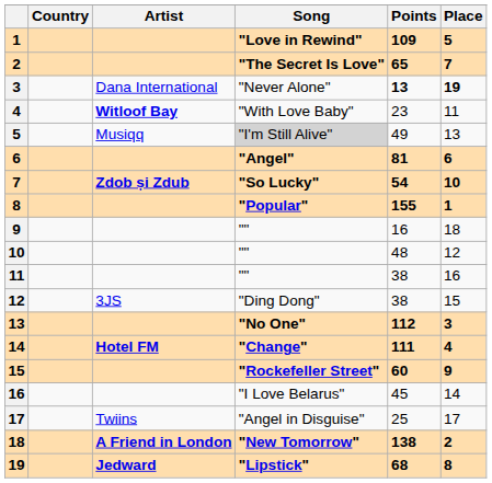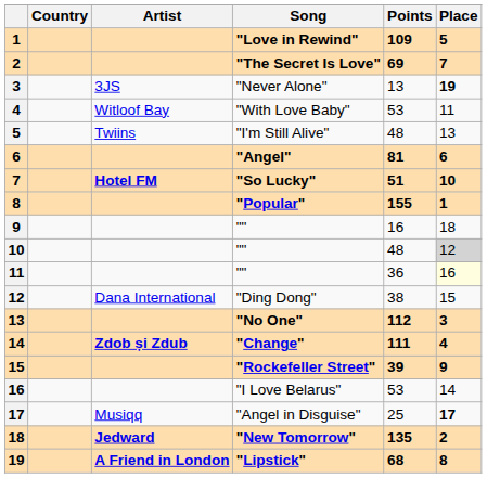 <table class="sortable wikitable plainrowheaders">
 <tr>
 </tr>
 <tr>
 <th scope="col"></th>
 <th scope="col">Country</th>
 <th scope="col">Artist</th>
 <th scope="col">Song</th>
 <th scope="col">Points</th>
 <th scope="col">Place</th>
 </tr>
 <tr style="font-weight:bold; background:navajowhite;">
 <th scope="row" style="text-align:center; font-weight:bold; background:navajowhite;">1</th>
 <td></td>
 <td></td>
 <td>"Love in Rewind"</td>
 <td>109</td>
 <td>5</td>
 </tr>
 <tr style="font-weight:bold; background:navajowhite;">
 <th scope="row" style="text-align:center; font-weight:bold; background:navajowhite;">2</th>
 <td></td>
 <td></td>
 <td>"The Secret Is Love"</td>
-<td>65</td>
+<td>69</td>
 <td>7</td>
 </tr>
 <tr>
 <th scope="row" style="text-align:center;">3</th>
 <td></td>
-<td><a href='#'>Dana International</a></td>
+<td><a href='#'>3JS</a></td>
 <td>"Never Alone"</td>
-<td><strong>13</strong></td>
+<td>13</td>
 <td><strong>19</strong></td>
 </tr>
 <tr>
 <th scope="row" style="text-align:center;">4</th>
 <td></td>
-<td><strong><a href='#'>Witloof Bay</a></strong></td>
+<td><a href='#'>Witloof Bay</a></td>
 <td>"With Love Baby"</td>
-<td>23</td>
+<td>53</td>
 <td>11</td>
 </tr>
 <tr>
 <th scope="row" style="text-align:center;">5</th>
 <td></td>
-<td><a href='#'>Musiqq</a></td>
-<td style="background: lightgrey;">"I'm Still Alive"</td>
-<td>49</td>
+<td><a href='#'>Twiins</a></td>
+<td>"I'm Still Alive"</td>
+<td>48</td>
 <td>13</td>
 </tr>
 <tr style="font-weight:bold; background:navajowhite;">
 <th scope="row" style="text-align:center; font-weight:bold; background:navajowhite;">6</th>
 <td></td>
 <td></td>
 <td>"Angel"</td>
 <td>81</td>
 <td>6</td>
 </tr>
 <tr style="font-weight:bold; background:navajowhite;">
 <th scope="row" style="text-align:center; font-weight:bold; background:navajowhite;">7</th>
 <td></td>
-<td><a href='#'>Zdob și Zdub</a></td>
+<td><a href='#'>Hotel FM</a></td>
 <td>"So Lucky"</td>
-<td>54</td>
+<td>51</td>
 <td>10</td>
 </tr>
 <tr style="font-weight:bold; background:navajowhite;">
 <th scope="row" style="text-align:center; font-weight:bold; background:navajowhite;">8</th>
 <td></td>
 <td></td>
 <td>"<a href='#'>Popular</a>"</td>
 <td>155</td>
 <td>1</td>
 </tr>
 <tr>
 <th scope="row" style="text-align:center;">9</th>
 <td></td>
 <td></td>
 <td>""</td>
 <td>16</td>
 <td>18</td>
 </tr>
 <tr>
 <th scope="row" style="text-align:center;">10</th>
 <td></td>
 <td></td>
 <td>""</td>
 <td>48</td>
-<td>12</td>
+<td style="background: lightgrey;">12</td>
 </tr>
 <tr>
 <th scope="row" style="text-align:center;">11</th>
 <td></td>
 <td></td>
 <td>""</td>
-<td>38</td>
-<td>16</td>
+<td>36</td>
+<td style="background: lightyellow;">16</td>
 </tr>
 <tr>
 <th scope="row" style="text-align:center;">12</th>
 <td></td>
-<td><a href='#'>3JS</a></td>
+<td><a href='#'>Dana International</a></td>
 <td>"Ding Dong"</td>
 <td>38</td>
 <td>15</td>
 </tr>
 <tr style="font-weight:bold; background:navajowhite;">
 <th scope="row" style="text-align:center; font-weight:bold; background:navajowhite;">13</th>
 <td></td>
 <td></td>
 <td>"No One"</td>
 <td>112</td>
 <td>3</td>
 </tr>
 <tr style="font-weight:bold; background:navajowhite;">
 <th scope="row" style="text-align:center; font-weight:bold; background:navajowhite;">14</th>
 <td></td>
-<td><a href='#'>Hotel FM</a></td>
+<td><a href='#'>Zdob și Zdub</a></td>
 <td>"<a href='#'>Change</a>"</td>
 <td>111</td>
 <td>4</td>
 </tr>
 <tr style="font-weight:bold; background:navajowhite;">
 <th scope="row" style="text-align:center; font-weight:bold; background:navajowhite;">15</th>
 <td></td>
 <td></td>
 <td>"<a href='#'>Rockefeller Street</a>"</td>
-<td>60</td>
+<td>39</td>
 <td>9</td>
 </tr>
 <tr>
 <th scope="row" style="text-align:center;">16</th>
 <td></td>
 <td></td>
 <td>"I Love Belarus"</td>
-<td>45</td>
+<td>53</td>
 <td>14</td>
 </tr>
 <tr>
 <th scope="row" style="text-align:center;">17</th>
 <td></td>
-<td><a href='#'>Twiins</a></td>
+<td><a href='#'>Musiqq</a></td>
 <td>"Angel in Disguise"</td>
 <td>25</td>
-<td>17</td>
+<td><strong>17</strong></td>
 </tr>
 <tr style="font-weight:bold; background:navajowhite;">
 <th scope="row" style="text-align:center; font-weight:bold; background:navajowhite;">18</th>
 <td></td>
-<td><a href='#'>A Friend in London</a></td>
+<td><a href='#'>Jedward</a></td>
 <td>"<a href='#'>New Tomorrow</a>"</td>
-<td>138</td>
+<td>135</td>
 <td>2</td>
 </tr>
 <tr style="font-weight:bold; background:navajowhite;">
 <th scope="row" style="text-align:center; font-weight:bold; background:navajowhite;">19</th>
 <td></td>
-<td><a href='#'>Jedward</a></td>
+<td><a href='#'>A Friend in London</a></td>
 <td>"<a href='#'>Lipstick</a>"</td>
 <td>68</td>
 <td>8</td>
 </tr>
 </table>
